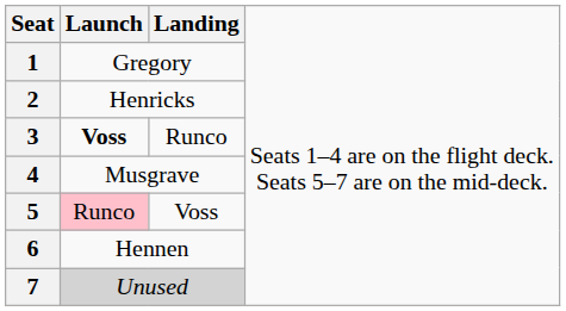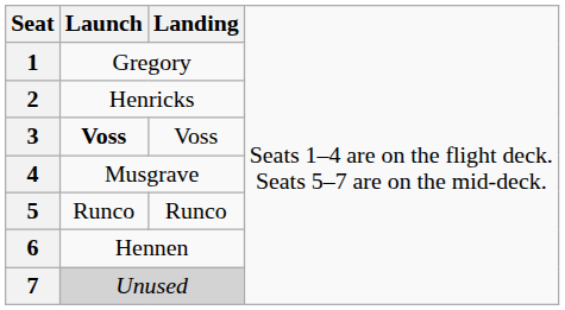 <table class="wikitable" style="text-align:center">
 <tr>
 <th>Seat</th>
 <th>Launch</th>
 <th>Landing</th>
 <td rowspan=8><br>Seats 1–4 are on the flight deck.<br>Seats 5–7 are on the mid-deck.</td>
 </tr>
 <tr>
 <th>1</th>
 <td colspan=2>Gregory</td>
 </tr>
 <tr>
 <th>2</th>
 <td colspan=2>Henricks</td>
 </tr>
 <tr>
 <th>3</th>
 <td><strong>Voss</strong></td>
-<td>Runco</td>
+<td>Voss</td>
 </tr>
 <tr>
 <th>4</th>
 <td colspan=2>Musgrave</td>
 </tr>
 <tr>
 <th>5</th>
-<td style="background: pink;">Runco</td>
-<td>Voss</td>
+<td>Runco</td>
+<td>Runco</td>
 </tr>
 <tr>
 <th>6</th>
 <td colspan=2>Hennen</td>
 </tr>
 <tr>
 <th>7</th>
 <td colspan=2 style="background-color:lightgray"><em>Unused</em></td>
 </tr>
 </table>
